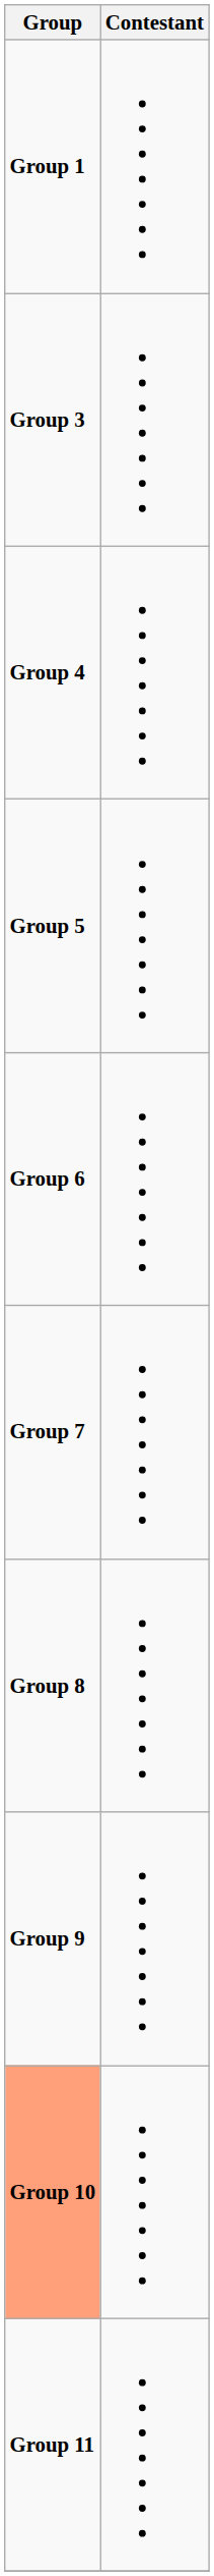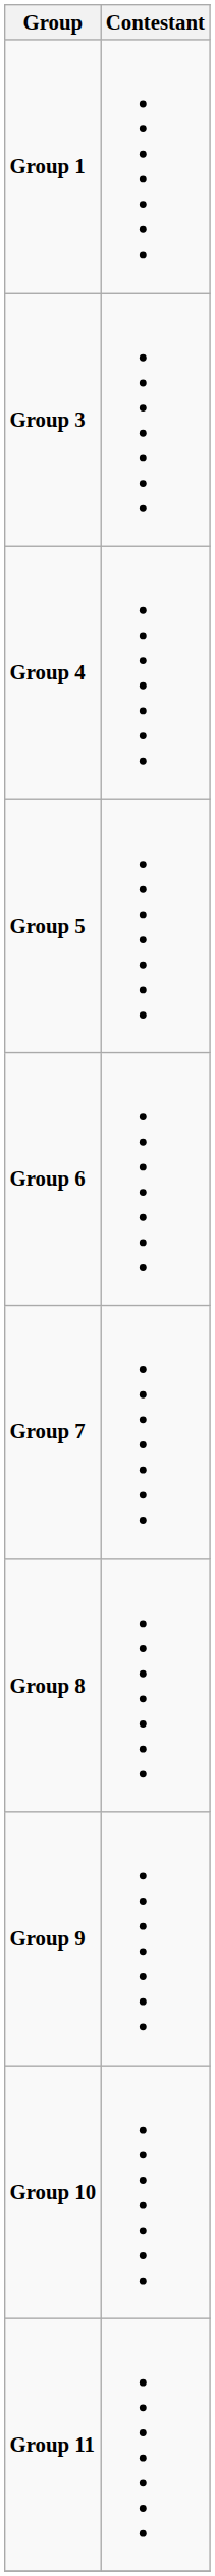 <table class="wikitable sortable" style="font-size:95%">
 <tr>
 <th>Group</th>
 <th>Contestant</th>
 </tr>
 <tr>
 <td><strong>Group 1</strong></td>
 <td><br><ul><li><strong></strong></li><li><strong></strong></li><li><strong></strong></li><li><strong></strong></li><li><strong></strong></li><li><strong></strong></li><li><strong></strong></li></ul></td>
 </tr>
 <tr>
 <td><strong>Group 3</strong></td>
 <td><br><ul><li><strong></strong></li><li><strong></strong></li><li><strong></strong></li><li><strong></strong></li><li><strong></strong></li><li><strong></strong></li><li><strong></strong></li></ul></td>
 </tr>
 <tr>
 <td><strong>Group 4</strong></td>
 <td><br><ul><li><strong></strong></li><li><strong></strong></li><li><strong></strong></li><li><strong></strong></li><li><strong></strong></li><li><strong></strong></li><li><strong></strong></li></ul></td>
 </tr>
 <tr>
 <td><strong>Group 5</strong></td>
 <td><br><ul><li><strong></strong></li><li><strong></strong></li><li><strong></strong></li><li><strong></strong></li><li><strong></strong></li><li><strong></strong></li><li><strong></strong></li></ul></td>
 </tr>
 <tr>
 <td><strong>Group 6</strong></td>
 <td><br><ul><li><strong></strong></li><li><strong></strong></li><li><strong></strong></li><li><strong></strong></li><li><strong></strong></li><li><strong></strong></li><li><strong></strong></li></ul></td>
 </tr>
 <tr>
 <td><strong>Group 7</strong></td>
 <td><br><ul><li><strong></strong></li><li><strong></strong></li><li><strong></strong></li><li><strong></strong></li><li><strong></strong></li><li><strong></strong></li><li><strong></strong></li></ul></td>
 </tr>
 <tr>
 <td><strong>Group 8</strong></td>
 <td><br><ul><li><strong></strong></li><li><strong></strong></li><li><strong></strong></li><li><strong></strong></li><li><strong></strong></li><li><strong></strong></li><li><strong></strong></li></ul></td>
 </tr>
 <tr>
 <td><strong>Group 9</strong></td>
 <td><br><ul><li><strong></strong></li><li><strong></strong></li><li><strong></strong></li><li><strong></strong></li><li><strong></strong></li><li><strong></strong></li><li><strong></strong></li></ul></td>
 </tr>
 <tr>
-<td style="background: lightsalmon;"><strong>Group 10</strong></td>
+<td><strong>Group 10</strong></td>
 <td><br><ul><li><strong></strong></li><li><strong></strong></li><li><strong></strong></li><li><strong></strong></li><li><strong></strong></li><li><strong></strong></li><li><strong></strong></li></ul></td>
 </tr>
 <tr>
 <td><strong>Group 11</strong></td>
 <td><br><ul><li><strong></strong></li><li><strong></strong></li><li><strong></strong></li><li><strong></strong></li><li><strong></strong></li><li><strong></strong></li><li><strong></strong></li></ul></td>
 </tr>
 <tr>
 </tr>
 </table>
